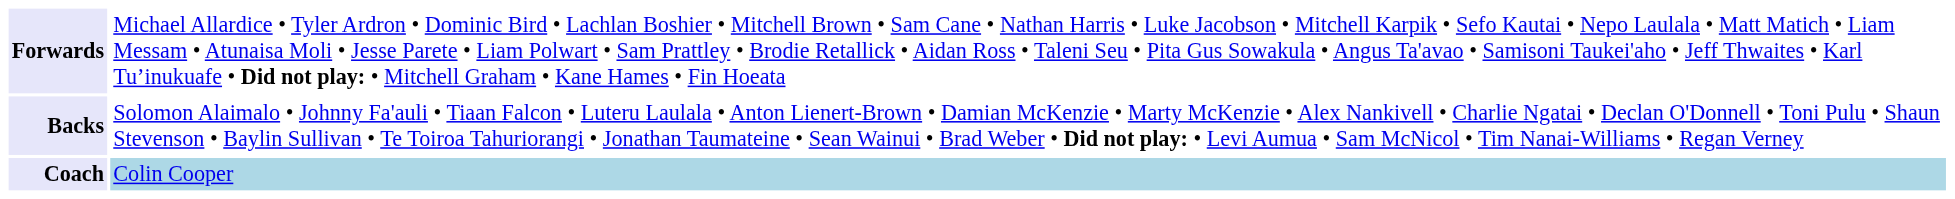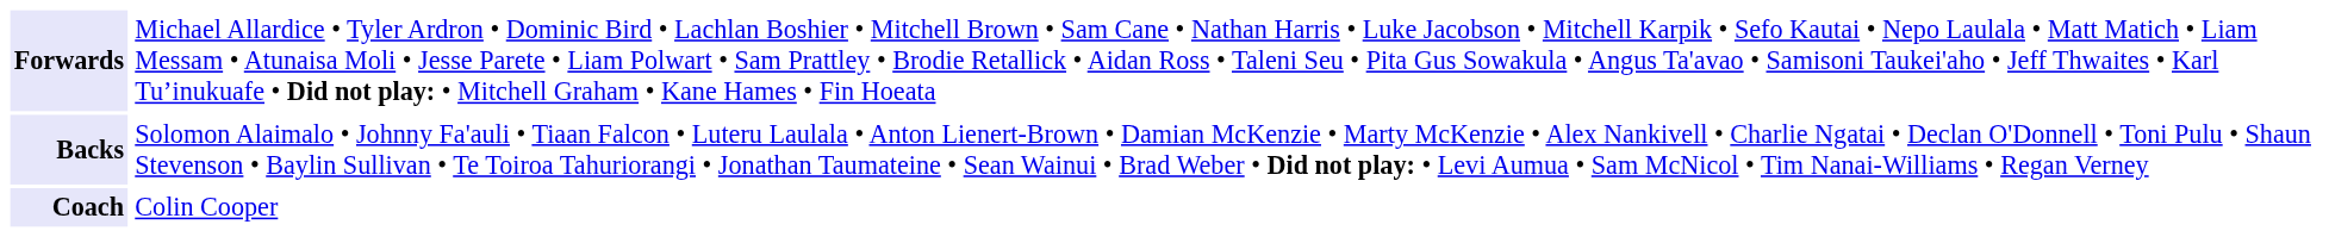 <table cellpadding="2" style="border: 1px solid white; font-size:90%;">
 <tr>
 <td style="text-align:right; background:lavender;"><strong>Forwards</strong></td>
 <td style="text-align:left;"><a href='#'>Michael Allardice</a> • <a href='#'>Tyler Ardron</a> • <a href='#'>Dominic Bird</a> • <a href='#'>Lachlan Boshier</a> • <a href='#'>Mitchell Brown</a> • <a href='#'>Sam Cane</a> • <a href='#'>Nathan Harris</a> • <a href='#'>Luke Jacobson</a> • <a href='#'>Mitchell Karpik</a> • <a href='#'>Sefo Kautai</a> • <a href='#'>Nepo Laulala</a> • <a href='#'>Matt Matich</a> • <a href='#'>Liam Messam</a> • <a href='#'>Atunaisa Moli</a> • <a href='#'>Jesse Parete</a> • <a href='#'>Liam Polwart</a> • <a href='#'>Sam Prattley</a> • <a href='#'>Brodie Retallick</a> • <a href='#'>Aidan Ross</a> • <a href='#'>Taleni Seu</a> • <a href='#'>Pita Gus Sowakula</a> • <a href='#'>Angus Ta'avao</a> • <a href='#'>Samisoni Taukei'aho</a> • <a href='#'>Jeff Thwaites</a> • <a href='#'>Karl Tu’inukuafe</a> • <strong>Did not play:</strong> • <a href='#'>Mitchell Graham</a> • <a href='#'>Kane Hames</a> • <a href='#'>Fin Hoeata</a></td>
 </tr>
 <tr>
 <td style="text-align:right; background:lavender;"><strong>Backs</strong></td>
 <td style="text-align:left;"><a href='#'>Solomon Alaimalo</a> • <a href='#'>Johnny Fa'auli</a> • <a href='#'>Tiaan Falcon</a> • <a href='#'>Luteru Laulala</a> • <a href='#'>Anton Lienert-Brown</a> • <a href='#'>Damian McKenzie</a> • <a href='#'>Marty McKenzie</a> • <a href='#'>Alex Nankivell</a> • <a href='#'>Charlie Ngatai</a> • <a href='#'>Declan O'Donnell</a> • <a href='#'>Toni Pulu</a> • <a href='#'>Shaun Stevenson</a> • <a href='#'>Baylin Sullivan</a> • <a href='#'>Te Toiroa Tahuriorangi</a> • <a href='#'>Jonathan Taumateine</a> • <a href='#'>Sean Wainui</a> • <a href='#'>Brad Weber</a> • <strong>Did not play:</strong> • <a href='#'>Levi Aumua</a> • <a href='#'>Sam McNicol</a> • <a href='#'>Tim Nanai-Williams</a> • <a href='#'>Regan Verney</a></td>
 </tr>
 <tr>
 <td style="text-align:right; background:lavender;"><strong>Coach</strong></td>
-<td style="background: lightblue; text-align:left;"><a href='#'>Colin Cooper</a></td>
+<td style="text-align:left;"><a href='#'>Colin Cooper</a></td>
 </tr>
 </table>
